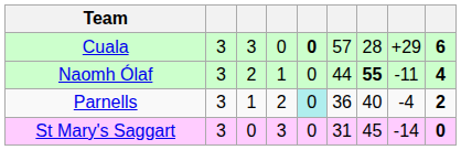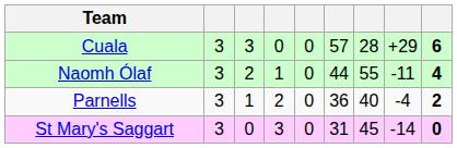 <table class="wikitable" style="text-align:center">
 <tr>
 <th style="width:175px;">Team</th>
 <th width="20"></th>
 <th width="20"></th>
 <th width="20"></th>
 <th width="20"></th>
 <th width="20"></th>
 <th width="20"></th>
 <th width="20"></th>
 <th width="20"></th>
 </tr>
 <tr style="background:#cfc;">
 <td><a href='#'>Cuala</a></td>
 <td>3</td>
 <td>3</td>
 <td>0</td>
-<td><strong>0</strong></td>
+<td>0</td>
 <td>57</td>
 <td>28</td>
 <td>+29</td>
 <td><strong>6</strong></td>
 </tr>
 <tr style="background:#cfc;">
 <td><a href='#'>Naomh Ólaf</a></td>
 <td>3</td>
 <td>2</td>
 <td>1</td>
 <td>0</td>
 <td>44</td>
-<td><strong>55</strong></td>
+<td>55</td>
 <td>-11</td>
 <td><strong>4</strong></td>
 </tr>
 <tr>
 <td><a href='#'>Parnells</a></td>
 <td>3</td>
 <td>1</td>
 <td>2</td>
-<td style="background: paleturquoise;">0</td>
+<td>0</td>
 <td>36</td>
 <td>40</td>
 <td>-4</td>
 <td><strong>2</strong></td>
 </tr>
 <tr style="background:#fcf;">
 <td><a href='#'>St Mary's Saggart</a></td>
 <td>3</td>
 <td>0</td>
 <td>3</td>
 <td>0</td>
 <td>31</td>
 <td>45</td>
 <td>-14</td>
 <td><strong>0</strong></td>
 </tr>
 </table>
